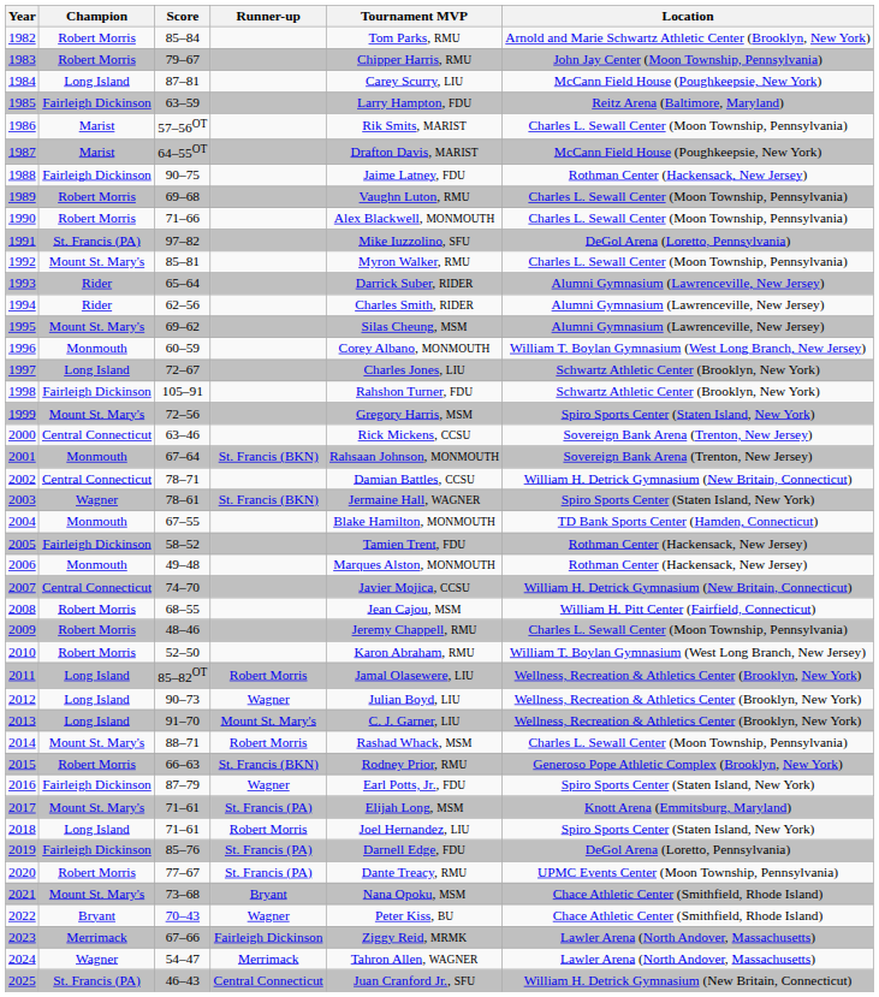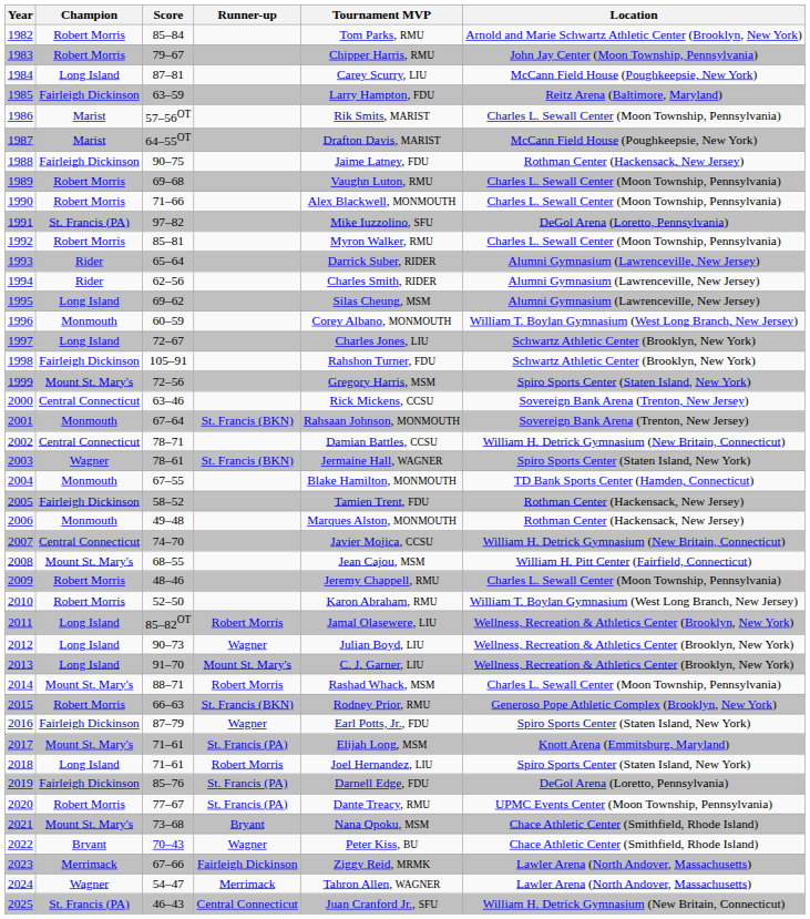 <table class="wikitable sortable" style="text-align:center">
 <tr>
 <th width=px>Year</th>
 <th width=px>Champion</th>
 <th width=px>Score</th>
 <th width=px>Runner-up</th>
 <th width=px>Tournament MVP</th>
 <th width=px>Location</th>
 </tr>
 <tr>
 <td><a href='#'>1982</a></td>
 <td><a href='#'>Robert Morris</a></td>
 <td>85–84</td>
 <td></td>
 <td><a href='#'>Tom Parks</a>, <small>RMU</small></td>
 <td><a href='#'>Arnold and Marie Schwartz Athletic Center</a> (<a href='#'>Brooklyn</a>, <a href='#'>New York</a>)</td>
 </tr>
 <tr align=center>
 <td style=background:silver><a href='#'>1983</a></td>
 <td style=background:silver><a href='#'>Robert Morris</a></td>
 <td style=background:silver>79–67</td>
 <td style=background:silver></td>
 <td style=background:silver><a href='#'>Chipper Harris</a>, <small>RMU</small></td>
 <td style=background:silver><a href='#'>John Jay Center</a> (<a href='#'>Moon Township, Pennsylvania</a>)</td>
 </tr>
 <tr align=center>
 <td><a href='#'>1984</a></td>
 <td><a href='#'>Long Island</a></td>
 <td>87–81</td>
 <td></td>
 <td><a href='#'>Carey Scurry</a>, <small>LIU</small></td>
 <td><a href='#'>McCann Field House</a> (<a href='#'>Poughkeepsie, New York</a>)</td>
 </tr>
 <tr align=center>
 <td style=background:silver><a href='#'>1985</a></td>
 <td style=background:silver><a href='#'>Fairleigh Dickinson</a></td>
 <td style=background:silver>63–59</td>
 <td style=background:silver></td>
 <td style=background:silver><a href='#'>Larry Hampton</a>, <small>FDU</small></td>
 <td style=background:silver><a href='#'>Reitz Arena</a> (<a href='#'>Baltimore</a>, <a href='#'>Maryland</a>)</td>
 </tr>
 <tr align=center>
 <td><a href='#'>1986</a></td>
 <td><a href='#'>Marist</a></td>
 <td>57–56<sup>OT</sup></td>
 <td></td>
 <td><a href='#'>Rik Smits</a>, <small>MARIST</small></td>
 <td><a href='#'>Charles L. Sewall Center</a> (Moon Township, Pennsylvania)</td>
 </tr>
 <tr align=center>
 <td style=background:silver><a href='#'>1987</a></td>
 <td style=background:silver><a href='#'>Marist</a></td>
 <td style=background:silver>64–55<sup>OT</sup></td>
 <td style=background:silver></td>
 <td style=background:silver><a href='#'>Drafton Davis</a>, <small>MARIST</small></td>
 <td style=background:silver><a href='#'>McCann Field House</a> (Poughkeepsie, New York)</td>
 </tr>
 <tr align=center>
 <td><a href='#'>1988</a></td>
 <td><a href='#'>Fairleigh Dickinson</a></td>
 <td>90–75</td>
 <td></td>
 <td><a href='#'>Jaime Latney</a>, <small>FDU</small></td>
 <td><a href='#'>Rothman Center</a> (<a href='#'>Hackensack, New Jersey</a>)</td>
 </tr>
 <tr align=center>
 <td style=background:silver><a href='#'>1989</a></td>
 <td style=background:silver><a href='#'>Robert Morris</a></td>
 <td style=background:silver>69–68</td>
 <td style=background:silver></td>
 <td style=background:silver><a href='#'>Vaughn Luton</a>, <small>RMU</small></td>
 <td style=background:silver><a href='#'>Charles L. Sewall Center</a> (Moon Township, Pennsylvania)</td>
 </tr>
 <tr align=center>
 <td><a href='#'>1990</a></td>
 <td><a href='#'>Robert Morris</a></td>
 <td>71–66</td>
 <td></td>
 <td><a href='#'>Alex Blackwell</a>, <small>MONMOUTH</small></td>
 <td><a href='#'>Charles L. Sewall Center</a> (Moon Township, Pennsylvania)</td>
 </tr>
 <tr align=center>
 <td style=background:silver><a href='#'>1991</a></td>
 <td style=background:silver><a href='#'>St. Francis (PA)</a></td>
 <td style=background:silver>97–82</td>
 <td style=background:silver></td>
 <td style=background:silver><a href='#'>Mike Iuzzolino</a>, <small>SFU</small></td>
 <td style=background:silver><a href='#'>DeGol Arena</a> (<a href='#'>Loretto, Pennsylvania</a>)</td>
 </tr>
 <tr align=center>
 <td><a href='#'>1992</a></td>
-<td><a href='#'>Mount St. Mary's</a></td>
+<td><a href='#'>Robert Morris</a></td>
 <td>85–81</td>
 <td></td>
 <td><a href='#'>Myron Walker</a>, <small>RMU</small></td>
 <td><a href='#'>Charles L. Sewall Center</a> (Moon Township, Pennsylvania)</td>
 </tr>
 <tr align=center>
 <td style=background:silver><a href='#'>1993</a></td>
 <td style=background:silver><a href='#'>Rider</a></td>
 <td style=background:silver>65–64</td>
 <td style=background:silver></td>
 <td style=background:silver><a href='#'>Darrick Suber</a>, <small>RIDER</small></td>
 <td style=background:silver><a href='#'>Alumni Gymnasium</a> (<a href='#'>Lawrenceville, New Jersey</a>)</td>
 </tr>
 <tr align=center>
 <td><a href='#'>1994</a></td>
 <td><a href='#'>Rider</a></td>
 <td>62–56</td>
 <td></td>
 <td><a href='#'>Charles Smith</a>, <small>RIDER</small></td>
 <td><a href='#'>Alumni Gymnasium</a> (Lawrenceville, New Jersey)</td>
 </tr>
 <tr align=center>
 <td style=background:silver><a href='#'>1995</a></td>
-<td style=background:silver><a href='#'>Mount St. Mary's</a></td>
+<td style=background:silver><a href='#'>Long Island</a></td>
 <td style=background:silver>69–62</td>
 <td style=background:silver></td>
 <td style=background:silver><a href='#'>Silas Cheung</a>, <small>MSM</small></td>
 <td style=background:silver><a href='#'>Alumni Gymnasium</a> (Lawrenceville, New Jersey)</td>
 </tr>
 <tr align=center>
 <td><a href='#'>1996</a></td>
 <td><a href='#'>Monmouth</a></td>
 <td>60–59</td>
 <td></td>
 <td><a href='#'>Corey Albano</a>, <small>MONMOUTH</small></td>
 <td><a href='#'>William T. Boylan Gymnasium</a> (<a href='#'>West Long Branch, New Jersey</a>)</td>
 </tr>
 <tr align=center>
 <td style=background:silver><a href='#'>1997</a></td>
 <td style=background:silver><a href='#'>Long Island</a></td>
 <td style=background:silver>72–67</td>
 <td style=background:silver></td>
 <td style=background:silver><a href='#'>Charles Jones</a>, <small>LIU</small></td>
 <td style=background:silver><a href='#'>Schwartz Athletic Center</a> (Brooklyn, New York)</td>
 </tr>
 <tr align=center>
 <td><a href='#'>1998</a></td>
 <td><a href='#'>Fairleigh Dickinson</a></td>
 <td>105–91</td>
 <td></td>
 <td><a href='#'>Rahshon Turner</a>, <small>FDU</small></td>
 <td><a href='#'>Schwartz Athletic Center</a> (Brooklyn, New York)</td>
 </tr>
 <tr align=center>
 <td style=background:silver><a href='#'>1999</a></td>
 <td style=background:silver><a href='#'>Mount St. Mary's</a></td>
 <td style=background:silver>72–56</td>
 <td style=background:silver></td>
 <td style=background:silver><a href='#'>Gregory Harris</a>, <small>MSM</small></td>
 <td style=background:silver><a href='#'>Spiro Sports Center</a> (<a href='#'>Staten Island</a>, <a href='#'>New York</a>)</td>
 </tr>
 <tr align=center>
 <td><a href='#'>2000</a></td>
 <td><a href='#'>Central Connecticut</a></td>
 <td>63–46</td>
 <td></td>
 <td><a href='#'>Rick Mickens</a>, <small>CCSU</small></td>
 <td><a href='#'>Sovereign Bank Arena</a> (<a href='#'>Trenton, New Jersey</a>)</td>
 </tr>
 <tr align=center>
 <td style=background:silver><a href='#'>2001</a></td>
 <td style=background:silver><a href='#'>Monmouth</a></td>
 <td style=background:silver>67–64</td>
 <td style=background:silver><a href='#'>St. Francis (BKN)</a></td>
 <td style=background:silver><a href='#'>Rahsaan Johnson</a>, <small>MONMOUTH</small></td>
 <td style=background:silver><a href='#'>Sovereign Bank Arena</a> (Trenton, New Jersey)</td>
 </tr>
 <tr align=center>
 <td><a href='#'>2002</a></td>
 <td><a href='#'>Central Connecticut</a></td>
 <td>78–71</td>
 <td></td>
 <td><a href='#'>Damian Battles</a>, <small>CCSU</small></td>
 <td><a href='#'>William H. Detrick Gymnasium</a> (<a href='#'>New Britain, Connecticut</a>)</td>
 </tr>
 <tr align=center>
 <td style=background:silver><a href='#'>2003</a></td>
 <td style=background:silver><a href='#'>Wagner</a></td>
 <td style=background:silver>78–61</td>
 <td style=background:silver><a href='#'>St. Francis (BKN)</a></td>
 <td style=background:silver><a href='#'>Jermaine Hall</a>, <small>WAGNER</small></td>
 <td style=background:silver><a href='#'>Spiro Sports Center</a> (Staten Island, New York)</td>
 </tr>
 <tr align=center>
 <td><a href='#'>2004</a></td>
 <td><a href='#'>Monmouth</a></td>
 <td>67–55</td>
 <td></td>
 <td><a href='#'>Blake Hamilton</a>, <small>MONMOUTH</small></td>
 <td><a href='#'>TD Bank Sports Center</a> (<a href='#'>Hamden, Connecticut</a>)</td>
 </tr>
 <tr align=center>
 <td style=background:silver><a href='#'>2005</a></td>
 <td style=background:silver><a href='#'>Fairleigh Dickinson</a></td>
 <td style=background:silver>58–52</td>
 <td style=background:silver></td>
 <td style=background:silver><a href='#'>Tamien Trent</a>, <small>FDU</small></td>
 <td style=background:silver><a href='#'>Rothman Center</a> (Hackensack, New Jersey)</td>
 </tr>
 <tr align=center>
 <td><a href='#'>2006</a></td>
 <td><a href='#'>Monmouth</a></td>
 <td>49–48</td>
 <td></td>
 <td><a href='#'>Marques Alston</a>, <small>MONMOUTH</small></td>
 <td><a href='#'>Rothman Center</a> (Hackensack, New Jersey)</td>
 </tr>
 <tr align=center>
 <td style=background:silver><a href='#'>2007</a></td>
 <td style=background:silver><a href='#'>Central Connecticut</a></td>
 <td style=background:silver>74–70</td>
 <td style=background:silver></td>
 <td style=background:silver><a href='#'>Javier Mojica</a>, <small>CCSU</small></td>
 <td style=background:silver><a href='#'>William H. Detrick Gymnasium</a> (<a href='#'>New Britain, Connecticut</a>)</td>
 </tr>
 <tr align=center>
 <td><a href='#'>2008</a></td>
-<td><a href='#'>Robert Morris</a></td>
+<td><a href='#'>Mount St. Mary's</a></td>
 <td>68–55</td>
 <td></td>
 <td><a href='#'>Jean Cajou</a>, <small>MSM</small></td>
 <td><a href='#'>William H. Pitt Center</a> (<a href='#'>Fairfield, Connecticut</a>)</td>
 </tr>
 <tr align=center>
 <td style=background:silver><a href='#'>2009</a></td>
 <td style=background:silver><a href='#'>Robert Morris</a></td>
 <td style=background:silver>48–46</td>
 <td style=background:silver></td>
 <td style=background:silver><a href='#'>Jeremy Chappell</a>, <small>RMU</small></td>
 <td style=background:silver><a href='#'>Charles L. Sewall Center</a> (Moon Township, Pennsylvania)</td>
 </tr>
 <tr align=center>
 <td><a href='#'>2010</a></td>
 <td><a href='#'>Robert Morris</a></td>
 <td>52–50</td>
 <td></td>
 <td><a href='#'>Karon Abraham</a>, <small>RMU</small></td>
 <td><a href='#'>William T. Boylan Gymnasium</a> (West Long Branch, New Jersey)</td>
 </tr>
 <tr align=center>
 <td style=background:silver><a href='#'>2011</a></td>
 <td style=background:silver><a href='#'>Long Island</a></td>
 <td style=background:silver>85–82<sup>OT</sup></td>
 <td style=background:silver><a href='#'>Robert Morris</a></td>
 <td style=background:silver><a href='#'>Jamal Olasewere</a>, <small>LIU</small></td>
 <td style=background:silver><a href='#'>Wellness, Recreation & Athletics Center</a> (<a href='#'>Brooklyn</a>, <a href='#'>New York</a>)</td>
 </tr>
 <tr align=center>
 <td><a href='#'>2012</a></td>
 <td><a href='#'>Long Island</a></td>
 <td>90–73</td>
 <td><a href='#'>Wagner</a></td>
 <td><a href='#'>Julian Boyd</a>, <small>LIU</small></td>
 <td><a href='#'>Wellness, Recreation & Athletics Center</a> (Brooklyn, New York)</td>
 </tr>
 <tr align=center>
 <td style=background:silver><a href='#'>2013</a></td>
 <td style=background:silver><a href='#'>Long Island</a></td>
 <td style=background:silver>91–70</td>
 <td style=background:silver><a href='#'>Mount St. Mary's</a></td>
 <td style=background:silver><a href='#'>C. J. Garner</a>, <small>LIU</small></td>
 <td style=background:silver><a href='#'>Wellness, Recreation & Athletics Center</a> (Brooklyn, New York)</td>
 </tr>
 <tr align=center>
 <td><a href='#'>2014</a></td>
 <td><a href='#'>Mount St. Mary's</a></td>
 <td>88–71</td>
 <td><a href='#'>Robert Morris</a></td>
 <td><a href='#'>Rashad Whack</a>, <small>MSM</small></td>
 <td><a href='#'>Charles L. Sewall Center</a> (Moon Township, Pennsylvania)</td>
 </tr>
 <tr align=center>
 <td style=background:silver><a href='#'>2015</a></td>
 <td style=background:silver><a href='#'>Robert Morris</a></td>
 <td style=background:silver>66–63</td>
 <td style=background:silver><a href='#'>St. Francis (BKN)</a></td>
 <td style=background:silver><a href='#'>Rodney Prior</a>, <small>RMU</small></td>
 <td style=background:silver><a href='#'>Generoso Pope Athletic Complex</a> (<a href='#'>Brooklyn</a>, <a href='#'>New York</a>)</td>
 </tr>
 <tr align=center>
 <td><a href='#'>2016</a></td>
 <td><a href='#'>Fairleigh Dickinson</a></td>
 <td>87–79</td>
 <td><a href='#'>Wagner</a></td>
 <td><a href='#'>Earl Potts, Jr.</a>, <small>FDU</small></td>
 <td><a href='#'>Spiro Sports Center</a> (Staten Island, New York)</td>
 </tr>
 <tr align=center>
 <td style=background:silver><a href='#'>2017</a></td>
 <td style=background:silver><a href='#'>Mount St. Mary's</a></td>
 <td style=background:silver>71–61</td>
 <td style=background:silver><a href='#'>St. Francis (PA)</a></td>
 <td style=background:silver><a href='#'>Elijah Long</a>, <small>MSM</small></td>
 <td style=background:silver><a href='#'>Knott Arena</a> (<a href='#'>Emmitsburg, Maryland</a>)</td>
 </tr>
 <tr align=center>
 <td><a href='#'>2018</a></td>
 <td><a href='#'>Long Island</a></td>
 <td>71–61</td>
 <td><a href='#'>Robert Morris</a></td>
 <td><a href='#'>Joel Hernandez</a>, <small>LIU</small></td>
 <td><a href='#'>Spiro Sports Center</a> (Staten Island, New York)</td>
 </tr>
 <tr align=center>
 <td style=background:silver><a href='#'>2019</a></td>
 <td style=background:silver><a href='#'>Fairleigh Dickinson</a></td>
 <td style=background:silver>85–76</td>
 <td style=background:silver><a href='#'>St. Francis (PA)</a></td>
 <td style=background:silver><a href='#'>Darnell Edge</a>, <small>FDU</small></td>
 <td style=background:silver><a href='#'>DeGol Arena</a> (Loretto, Pennsylvania)</td>
 </tr>
 <tr align=center>
 <td><a href='#'>2020</a></td>
 <td><a href='#'>Robert Morris</a></td>
 <td>77–67</td>
 <td><a href='#'>St. Francis (PA)</a></td>
 <td><a href='#'>Dante Treacy</a>, <small>RMU</small></td>
 <td><a href='#'>UPMC Events Center</a> (Moon Township, Pennsylvania)</td>
 </tr>
 <tr align=center>
 <td style=background:silver><a href='#'>2021</a></td>
 <td style=background:silver><a href='#'>Mount St. Mary's</a></td>
 <td style=background:silver>73–68</td>
 <td style=background:silver><a href='#'>Bryant</a></td>
 <td style=background:silver><a href='#'>Nana Opoku</a>, <small>MSM</small></td>
 <td style=background:silver><a href='#'>Chace Athletic Center</a> (Smithfield, Rhode Island)</td>
 </tr>
 <tr align=center>
 <td><a href='#'>2022</a></td>
 <td><a href='#'>Bryant</a></td>
 <td><a href='#'>70–43</a></td>
 <td><a href='#'>Wagner</a></td>
 <td><a href='#'>Peter Kiss</a>, <small>BU</small></td>
 <td><a href='#'>Chace Athletic Center</a> (Smithfield, Rhode Island)</td>
 </tr>
 <tr align=center>
 <td style=background:silver><a href='#'>2023</a></td>
 <td style=background:silver><a href='#'>Merrimack</a></td>
 <td style=background:silver>67–66</td>
 <td style=background:silver><a href='#'>Fairleigh Dickinson</a></td>
 <td style=background:silver><a href='#'>Ziggy Reid</a>, <small>MRMK</small></td>
 <td style=background:silver><a href='#'>Lawler Arena</a> (<a href='#'>North Andover</a>, <a href='#'>Massachusetts</a>)</td>
 </tr>
 <tr align=center>
 <td><a href='#'>2024</a></td>
 <td><a href='#'>Wagner</a></td>
 <td>54–47</td>
 <td><a href='#'>Merrimack</a></td>
 <td><a href='#'>Tahron Allen</a>, <small>WAGNER</small></td>
 <td><a href='#'>Lawler Arena</a> (<a href='#'>North Andover</a>, <a href='#'>Massachusetts</a>)</td>
 </tr>
 <tr align=center>
 <td style=background:silver><a href='#'>2025</a></td>
 <td style=background:silver><a href='#'>St. Francis (PA)</a></td>
 <td style=background:silver>46–43</td>
 <td style=background:silver><a href='#'>Central Connecticut</a></td>
 <td style=background:silver><a href='#'>Juan Cranford Jr.</a>, <small>SFU</small></td>
 <td style=background:silver><a href='#'>William H. Detrick Gymnasium</a> (New Britain, Connecticut)</td>
 </tr>
 </table>
